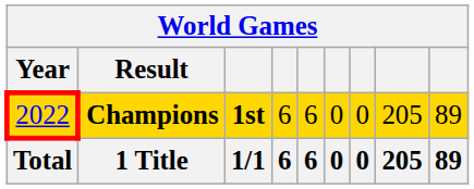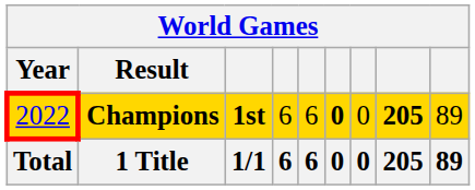 <table class="wikitable" style="text-align: center;font-size:100%;">
 <tr>
 <th colspan="9"><a href='#'>World Games</a></th>
 </tr>
 <tr>
 <th>Year</th>
 <th>Result</th>
 <th></th>
 <th></th>
 <th></th>
 <th></th>
 <th></th>
 <th></th>
 <th></th>
 </tr>
 <tr bgcolor=gold>
 <td style="border: 3px solid red"> <a href='#'>2022</a></td>
 <td><strong>Champions</strong></td>
 <td><strong>1st</strong></td>
 <td>6</td>
 <td>6</td>
+<td><strong>0</strong></td>
 <td>0</td>
-<td>0</td>
-<td>205</td>
+<td><strong>205</strong></td>
 <td>89</td>
 </tr>
 <tr>
 <th>Total</th>
 <th>1 Title</th>
 <th>1/1</th>
 <th>6</th>
 <th>6</th>
 <th>0</th>
 <th>0</th>
 <th>205</th>
 <th>89</th>
 </tr>
 </table>
